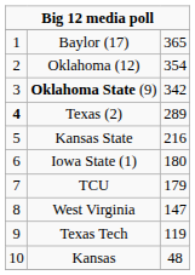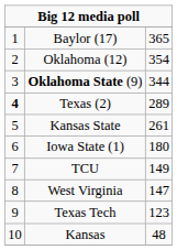 <table class="wikitable" style="display: inline-table;">
 <tr>
 <td align="center" Colspan="3"><strong>Big 12 media poll</strong></td>
 </tr>
 <tr align="center">
 </tr>
 <tr align="center">
 <td>1</td>
 <td>Baylor (17)</td>
 <td>365</td>
 </tr>
 <tr align="center">
 <td>2</td>
 <td>Oklahoma (12)</td>
 <td>354</td>
 </tr>
 <tr align="center">
 <td>3</td>
 <td><strong>Oklahoma State</strong> (9)</td>
-<td>342</td>
+<td>344</td>
 </tr>
 <tr align="center">
 <td><strong>4</strong></td>
 <td>Texas (2)</td>
 <td>289</td>
 </tr>
 <tr align="center">
 <td>5</td>
 <td>Kansas State</td>
-<td>216</td>
+<td>261</td>
 </tr>
 <tr align="center">
 <td>6</td>
 <td>Iowa State (1)</td>
 <td>180</td>
 </tr>
 <tr align="center">
 <td>7</td>
 <td>TCU</td>
-<td>179</td>
+<td>149</td>
 </tr>
 <tr align="center">
 <td>8</td>
 <td>West Virginia</td>
 <td>147</td>
 </tr>
 <tr align="center">
 <td>9</td>
 <td>Texas Tech</td>
-<td>119</td>
+<td>123</td>
 </tr>
 <tr align="center">
 <td>10</td>
 <td>Kansas</td>
 <td>48</td>
 </tr>
 <tr>
 </tr>
 </table>
